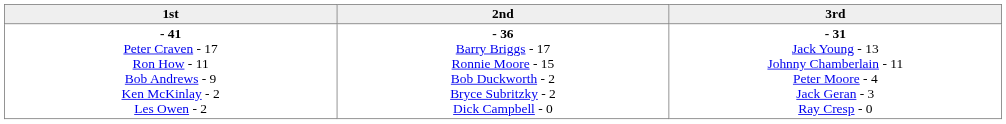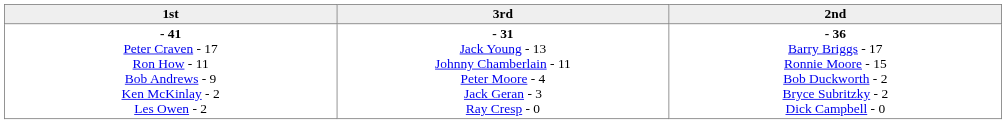 <table border=1 cellpadding=2 cellspacing=0 width=75% style="border-collapse:collapse">
 <tr align=center style="background:#efefef;">
 <th width=20% >1st</th>
+<th width=20% >3rd</th>
 <th width=20% >2nd</th>
-<th width=20% >3rd</th>
 </tr>
 <tr align=center>
 <td valign=top ><strong> - 41</strong><br><a href='#'>Peter Craven</a> - 17<br><a href='#'>Ron How</a> - 11<br><a href='#'>Bob Andrews</a> - 9<br><a href='#'>Ken McKinlay</a> - 2<br><a href='#'>Les Owen</a> - 2</td>
+<td valign=top ><strong> - 31</strong><br><a href='#'>Jack Young</a> - 13<br><a href='#'>Johnny Chamberlain</a> - 11<br><a href='#'>Peter Moore</a> - 4<br><a href='#'>Jack Geran</a> - 3<br><a href='#'>Ray Cresp</a> - 0</td>
 <td valign=top ><strong> - 36</strong><br><a href='#'>Barry Briggs</a> - 17<br><a href='#'>Ronnie Moore</a> - 15<br><a href='#'>Bob Duckworth</a> - 2<br><a href='#'>Bryce Subritzky</a> - 2<br><a href='#'>Dick Campbell</a> - 0</td>
-<td valign=top ><strong> - 31</strong><br><a href='#'>Jack Young</a> - 13<br><a href='#'>Johnny Chamberlain</a> - 11<br><a href='#'>Peter Moore</a> - 4<br><a href='#'>Jack Geran</a> - 3<br><a href='#'>Ray Cresp</a> - 0</td>
 </tr>
 </table>
